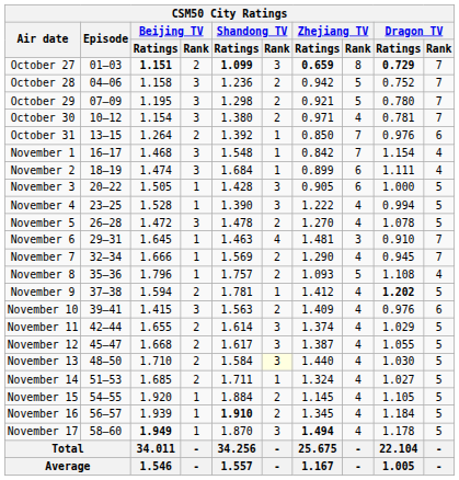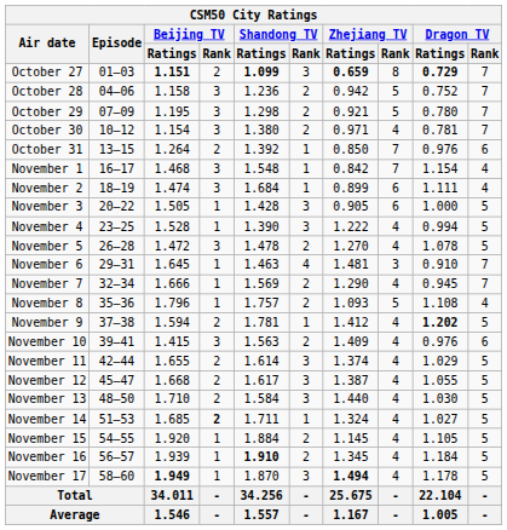 <table class="wikitable sortable mw-collapsible jquery-tablesorter" style="text-align:center">
 <tr>
 <th colspan="10"><strong>CSM50 City Ratings</strong></th>
 </tr>
 <tr>
 <th rowspan="2"><strong>Air date</strong></th>
 <th rowspan="2"><strong>Episode</strong></th>
 <th colspan="2"><a href='#'><strong>Beijing TV</strong></a></th>
 <th colspan="2"><a href='#'><strong>Shandong TV</strong></a></th>
 <th colspan="2"><a href='#'><strong>Zhejiang TV</strong></a></th>
 <th colspan="2"><a href='#'><strong>Dragon TV</strong></a></th>
 </tr>
 <tr>
 <th><strong>Ratings</strong></th>
 <th><strong>Rank</strong></th>
 <th><strong>Ratings</strong></th>
 <th><strong>Rank</strong></th>
 <th><strong>Ratings</strong></th>
 <th><strong>Rank</strong></th>
 <th><strong>Ratings</strong></th>
 <th><strong>Rank</strong></th>
 </tr>
 <tr>
 <td>October 27</td>
 <td>01–03</td>
 <td><strong><span>1.151</span></strong></td>
 <td>2</td>
 <td><strong><span>1.099</span></strong></td>
 <td>3</td>
 <td><strong><span>0.659</span></strong></td>
 <td>8</td>
 <td><strong><span>0.729</span></strong></td>
 <td>7</td>
 </tr>
 <tr>
 <td>October 28</td>
 <td>04–06</td>
 <td>1.158</td>
 <td>3</td>
 <td>1.236</td>
 <td>2</td>
 <td>0.942</td>
 <td>5</td>
 <td>0.752</td>
 <td>7</td>
 </tr>
 <tr>
 <td>October 29</td>
 <td>07–09</td>
 <td>1.195</td>
 <td>3</td>
 <td>1.298</td>
 <td>2</td>
 <td>0.921</td>
 <td>5</td>
 <td>0.780</td>
 <td>7</td>
 </tr>
 <tr>
 <td>October 30</td>
 <td>10–12</td>
 <td>1.154</td>
 <td>3</td>
 <td>1.380</td>
 <td>2</td>
 <td>0.971</td>
 <td>4</td>
 <td>0.781</td>
 <td>7</td>
 </tr>
 <tr>
 <td>October 31</td>
 <td>13–15</td>
 <td>1.264</td>
 <td>2</td>
 <td>1.392</td>
 <td>1</td>
 <td>0.850</td>
 <td>7</td>
 <td>0.976</td>
 <td>6</td>
 </tr>
 <tr>
 <td>November 1</td>
 <td>16–17</td>
 <td>1.468</td>
 <td>3</td>
 <td>1.548</td>
 <td>1</td>
 <td>0.842</td>
 <td>7</td>
 <td>1.154</td>
 <td>4</td>
 </tr>
 <tr>
 <td>November 2</td>
 <td>18–19</td>
 <td>1.474</td>
 <td>3</td>
 <td>1.684</td>
 <td>1</td>
 <td>0.899</td>
 <td>6</td>
 <td>1.111</td>
 <td>4</td>
 </tr>
 <tr>
 <td>November 3</td>
 <td>20–22</td>
 <td>1.505</td>
 <td>1</td>
 <td>1.428</td>
 <td>3</td>
 <td>0.905</td>
 <td>6</td>
 <td>1.000</td>
 <td>5</td>
 </tr>
 <tr>
 <td>November 4</td>
 <td>23–25</td>
 <td>1.528</td>
 <td>1</td>
 <td>1.390</td>
 <td>3</td>
 <td>1.222</td>
 <td>4</td>
 <td>0.994</td>
 <td>5</td>
 </tr>
 <tr>
 <td>November 5</td>
 <td>26–28</td>
 <td>1.472</td>
 <td>3</td>
 <td>1.478</td>
 <td>2</td>
 <td>1.270</td>
 <td>4</td>
 <td>1.078</td>
 <td>5</td>
 </tr>
 <tr>
 <td>November 6</td>
 <td>29–31</td>
 <td>1.645</td>
 <td>1</td>
 <td>1.463</td>
 <td>4</td>
 <td>1.481</td>
 <td>3</td>
 <td>0.910</td>
 <td>7</td>
 </tr>
 <tr>
 <td>November 7</td>
 <td>32–34</td>
 <td>1.666</td>
 <td>1</td>
 <td>1.569</td>
 <td>2</td>
 <td>1.290</td>
 <td>4</td>
 <td>0.945</td>
 <td>7</td>
 </tr>
 <tr>
 <td>November 8</td>
 <td>35–36</td>
 <td>1.796</td>
 <td>1</td>
 <td>1.757</td>
 <td>2</td>
 <td>1.093</td>
 <td>5</td>
 <td>1.108</td>
 <td>4</td>
 </tr>
 <tr>
 <td>November 9</td>
 <td>37–38</td>
 <td>1.594</td>
 <td>2</td>
 <td>1.781</td>
 <td>1</td>
 <td>1.412</td>
 <td>4</td>
 <td><strong><span>1.202</span></strong></td>
 <td>5</td>
 </tr>
 <tr>
 <td>November 10</td>
 <td>39–41</td>
 <td>1.415</td>
 <td>3</td>
 <td>1.563</td>
 <td>2</td>
 <td>1.409</td>
 <td>4</td>
 <td>0.976</td>
 <td>6</td>
 </tr>
 <tr>
 <td>November 11</td>
 <td>42–44</td>
 <td>1.655</td>
 <td>2</td>
 <td>1.614</td>
 <td>3</td>
 <td>1.374</td>
 <td>4</td>
 <td>1.029</td>
 <td>5</td>
 </tr>
 <tr>
 <td>November 12</td>
 <td>45–47</td>
 <td>1.668</td>
 <td>2</td>
 <td>1.617</td>
 <td>3</td>
 <td>1.387</td>
 <td>4</td>
 <td>1.055</td>
 <td>5</td>
 </tr>
 <tr>
 <td>November 13</td>
 <td>48–50</td>
 <td>1.710</td>
 <td>2</td>
 <td>1.584</td>
-<td style="background: lightyellow;">3</td>
+<td>3</td>
 <td>1.440</td>
 <td>4</td>
 <td>1.030</td>
 <td>5</td>
 </tr>
 <tr>
 <td>November 14</td>
 <td>51–53</td>
 <td>1.685</td>
-<td>2</td>
+<td><strong>2</strong></td>
 <td>1.711</td>
 <td>1</td>
 <td>1.324</td>
 <td>4</td>
 <td>1.027</td>
 <td>5</td>
 </tr>
 <tr>
 <td>November 15</td>
 <td>54–55</td>
 <td>1.920</td>
 <td>1</td>
 <td>1.884</td>
 <td>2</td>
 <td>1.145</td>
 <td>4</td>
 <td>1.105</td>
 <td>5</td>
 </tr>
 <tr>
 <td>November 16</td>
 <td>56–57</td>
 <td>1.939</td>
 <td>1</td>
 <td><strong><span>1.910</span></strong></td>
 <td>2</td>
 <td>1.345</td>
 <td>4</td>
 <td>1.184</td>
 <td>5</td>
 </tr>
 <tr>
 <td>November 17</td>
 <td>58–60</td>
 <td><strong><span>1.949</span></strong></td>
 <td>1</td>
 <td>1.870</td>
 <td>3</td>
 <td><strong><span>1.494</span></strong></td>
 <td>4</td>
 <td>1.178</td>
 <td>5</td>
 </tr>
 <tr>
 <th colspan="2" rowspan="1"><strong>Total</strong></th>
 <th><strong>34.011</strong></th>
 <th><strong>-</strong></th>
 <th><strong>34.256</strong></th>
 <th><strong>-</strong></th>
 <th><strong>25.675</strong></th>
 <th><strong>-</strong></th>
 <th><strong>22.104</strong></th>
 <th><strong>-</strong></th>
 </tr>
 <tr>
 <th colspan="2" rowspan="1"><strong>Average</strong></th>
 <th><strong>1.546</strong></th>
 <th><strong>-</strong></th>
 <th><strong>1.557</strong></th>
 <th><strong>-</strong></th>
 <th><strong>1.167</strong></th>
 <th><strong>-</strong></th>
 <th><strong>1.005</strong></th>
 <th><strong>-</strong></th>
 </tr>
 </table>
